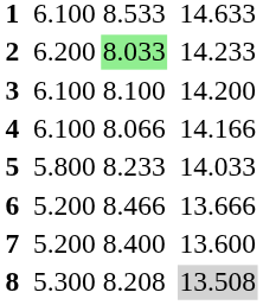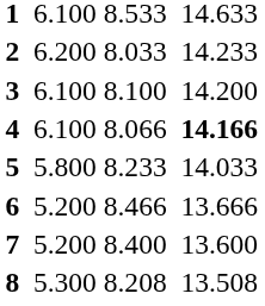 <table>
 <tr>
 <th scope=row style="text-align:center">1</th>
 <td align=left></td>
 <td>6.100</td>
 <td>8.533</td>
 <td></td>
 <td>14.633</td>
 </tr>
 <tr>
 <th scope=row style="text-align:center">2</th>
 <td align=left></td>
 <td>6.200</td>
-<td style="background: lightgreen;">8.033</td>
+<td>8.033</td>
 <td></td>
 <td>14.233</td>
 </tr>
 <tr>
 <th scope=row style="text-align:center">3</th>
 <td align=left></td>
 <td>6.100</td>
 <td>8.100</td>
 <td></td>
 <td>14.200</td>
 </tr>
 <tr>
 <th scope=row style="text-align:center">4</th>
 <td align=left></td>
 <td>6.100</td>
 <td>8.066</td>
 <td></td>
-<td>14.166</td>
+<td><strong>14.166</strong></td>
 </tr>
 <tr>
 <th scope=row style="text-align:center">5</th>
 <td align=left></td>
 <td>5.800</td>
 <td>8.233</td>
 <td></td>
 <td>14.033</td>
 </tr>
 <tr>
 <th scope=row style="text-align:center">6</th>
 <td align=left></td>
 <td>5.200</td>
 <td>8.466</td>
 <td></td>
 <td>13.666</td>
 </tr>
 <tr>
 <th scope=row style="text-align:center">7</th>
 <td align=left></td>
 <td>5.200</td>
 <td>8.400</td>
 <td></td>
 <td>13.600</td>
 </tr>
 <tr>
 <th scope=row style="text-align:center">8</th>
 <td align=left></td>
 <td>5.300</td>
 <td>8.208</td>
 <td></td>
-<td style="background: lightgrey;">13.508</td>
+<td>13.508</td>
 </tr>
 <tr>
 </tr>
 </table>
